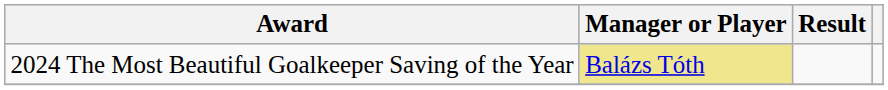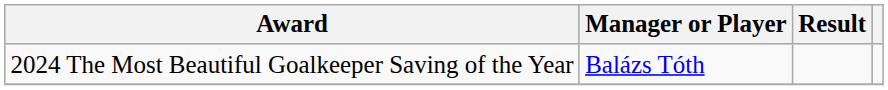 <table class="wikitable" style="text-align:center;">
 <tr>
 <th>Award</th>
 <th>Manager or Player</th>
 <th>Result</th>
 <th></th>
 </tr>
 <tr>
 <td rowspan="1" style="text-align:left;">2024 The Most Beautiful Goalkeeper Saving of the Year</td>
-<td style="background: khaki; text-align:left;"> <a href='#'>Balázs Tóth</a></td>
+<td style="text-align:left;"> <a href='#'>Balázs Tóth</a></td>
 <td></td>
 <td rowspan="1"></td>
 </tr>
 <tr>
 </tr>
 </table>
